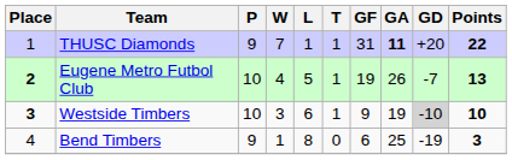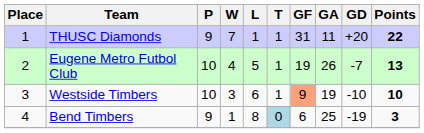 <table class="wikitable" style="text-align:center;">
 <tr>
 <th>Place</th>
 <th width="170">Team</th>
 <th width="20">P</th>
 <th width="20">W</th>
 <th width="20">L</th>
 <th width="20">T</th>
 <th width="20">GF</th>
 <th width="20">GA</th>
 <th width="25">GD</th>
 <th>Points</th>
 </tr>
 <tr bgcolor=#ccccff>
 <td>1</td>
 <td style="text-align:left;"><a href='#'>THUSC Diamonds</a></td>
 <td>9</td>
 <td>7</td>
 <td>1</td>
 <td>1</td>
 <td>31</td>
-<td><strong>11</strong></td>
+<td>11</td>
 <td>+20</td>
 <td><strong>22</strong></td>
 </tr>
 <tr bgcolor=#ccffcc>
-<td><strong>2</strong></td>
+<td>2</td>
 <td style="text-align:left;"><a href='#'>Eugene Metro Futbol Club</a></td>
 <td>10</td>
 <td>4</td>
 <td>5</td>
 <td>1</td>
 <td>19</td>
 <td>26</td>
 <td>-7</td>
 <td><strong>13</strong></td>
 </tr>
 <tr>
-<td><strong>3</strong></td>
+<td>3</td>
 <td style="text-align:left;"><a href='#'>Westside Timbers</a></td>
 <td>10</td>
 <td>3</td>
 <td>6</td>
 <td>1</td>
-<td>9</td>
+<td style="background: lightsalmon;">9</td>
 <td>19</td>
-<td style="background: lightgrey;">-10</td>
+<td>-10</td>
 <td><strong>10</strong></td>
 </tr>
 <tr>
 <td>4</td>
 <td style="text-align:left;"><a href='#'>Bend Timbers</a></td>
 <td>9</td>
 <td>1</td>
 <td>8</td>
-<td>0</td>
+<td style="background: lightblue;">0</td>
 <td>6</td>
 <td>25</td>
 <td>-19</td>
 <td><strong>3</strong></td>
 </tr>
 <tr>
 </tr>
 </table>
